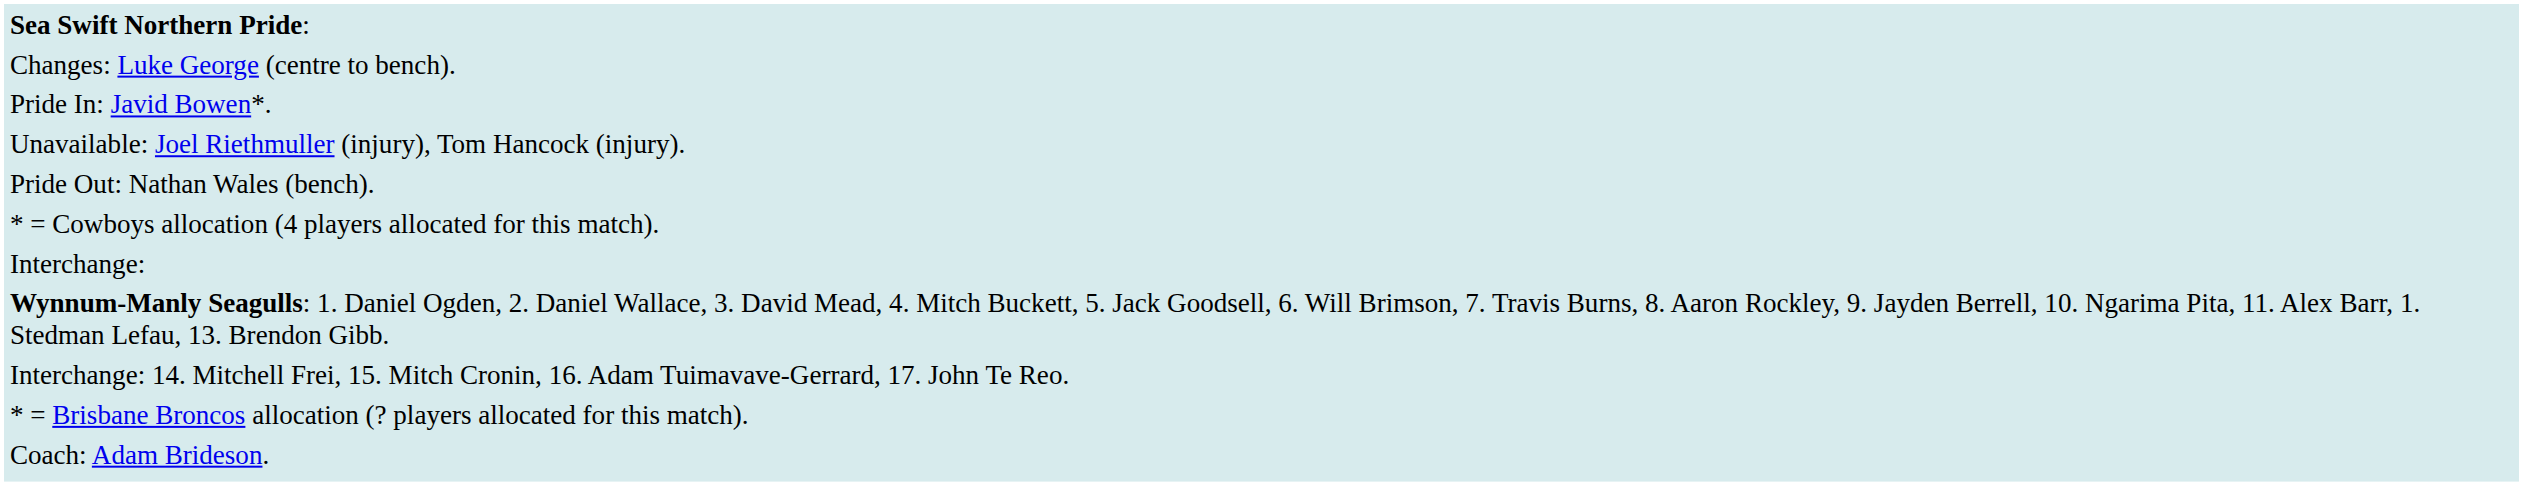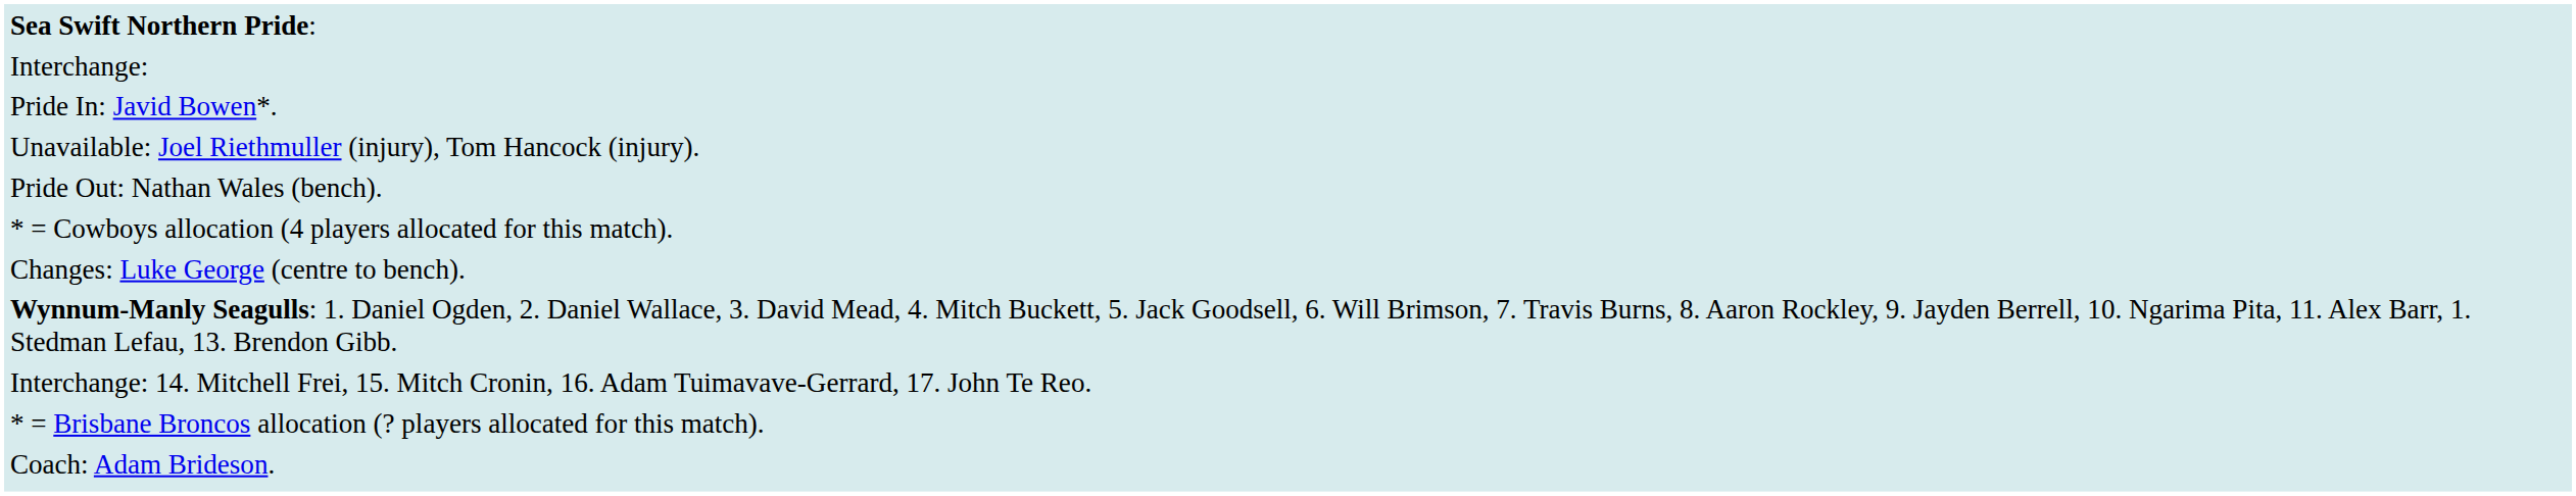 <table style="background:#d7ebed; font-size:85%; width:100%;">
 <tr>
 <td><strong>Sea Swift Northern Pride</strong>:             </td>
 </tr>
 <tr>
-<td>Changes: <a href='#'>Luke George</a> (centre to bench).</td>
+<td>Interchange:    </td>
 </tr>
 <tr>
 <td>Pride In: <a href='#'>Javid Bowen</a>*.</td>
 </tr>
 <tr>
 <td>Unavailable: <a href='#'>Joel Riethmuller</a> (injury), Tom Hancock (injury).</td>
 </tr>
 <tr>
 <td>Pride Out: Nathan Wales (bench).</td>
 </tr>
 <tr>
 <td>* = Cowboys allocation (4 players allocated for this match).</td>
 </tr>
 <tr>
-<td>Interchange:    </td>
+<td>Changes: <a href='#'>Luke George</a> (centre to bench).</td>
 </tr>
 <tr>
 <td><strong>Wynnum-Manly Seagulls</strong>: 1. Daniel Ogden, 2. Daniel Wallace, 3. David Mead, 4. Mitch Buckett, 5. Jack Goodsell, 6. Will Brimson, 7. Travis Burns, 8. Aaron Rockley, 9. Jayden Berrell, 10. Ngarima Pita, 11. Alex Barr, 1. Stedman Lefau, 13. Brendon Gibb.</td>
 </tr>
 <tr>
 <td>Interchange: 14. Mitchell Frei, 15. Mitch Cronin, 16. Adam Tuimavave-Gerrard, 17. John Te Reo.</td>
 </tr>
 <tr>
 <td>* = <a href='#'>Brisbane Broncos</a> allocation (? players allocated for this match).</td>
 </tr>
 <tr>
 <td>Coach: <a href='#'>Adam Brideson</a>.</td>
 </tr>
 <tr>
 </tr>
 </table>
